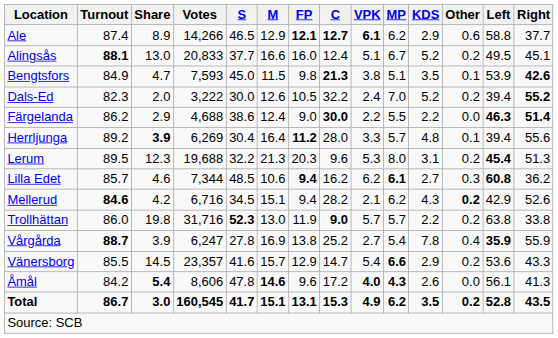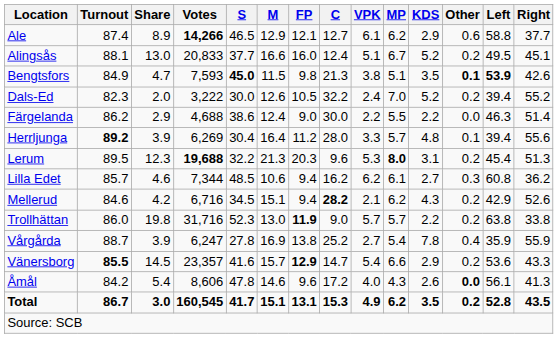 <table class="wikitable sortable" style=text-align:right>
 <tr>
 <th>Location</th>
 <th>Turnout</th>
 <th>Share</th>
 <th>Votes</th>
 <th><a href='#'>S</a></th>
 <th><a href='#'>M</a></th>
 <th><a href='#'>FP</a></th>
 <th><a href='#'>C</a></th>
 <th><a href='#'>VPK</a></th>
 <th><a href='#'>MP</a></th>
 <th><a href='#'>KDS</a></th>
 <th>Other</th>
 <th>Left</th>
 <th>Right</th>
 </tr>
 <tr>
 <td align=left><a href='#'>Ale</a></td>
 <td>87.4</td>
 <td>8.9</td>
-<td>14,266</td>
+<td><strong>14,266</strong></td>
 <td>46.5</td>
 <td>12.9</td>
-<td><strong>12.1</strong></td>
-<td><strong>12.7</strong></td>
-<td><strong>6.1</strong></td>
+<td>12.1</td>
+<td>12.7</td>
+<td>6.1</td>
 <td>6.2</td>
 <td>2.9</td>
 <td>0.6</td>
 <td>58.8</td>
 <td>37.7</td>
 </tr>
 <tr>
 <td align=left><a href='#'>Alingsås</a></td>
-<td><strong>88.1</strong></td>
+<td>88.1</td>
 <td>13.0</td>
 <td>20,833</td>
 <td>37.7</td>
 <td>16.6</td>
 <td>16.0</td>
 <td>12.4</td>
 <td>5.1</td>
 <td>6.7</td>
 <td>5.2</td>
 <td>0.2</td>
 <td>49.5</td>
 <td>45.1</td>
 </tr>
 <tr>
 <td align=left><a href='#'>Bengtsfors</a></td>
 <td>84.9</td>
 <td>4.7</td>
 <td>7,593</td>
-<td>45.0</td>
+<td><strong>45.0</strong></td>
 <td>11.5</td>
 <td>9.8</td>
-<td><strong>21.3</strong></td>
+<td>21.3</td>
 <td>3.8</td>
 <td>5.1</td>
 <td>3.5</td>
-<td>0.1</td>
-<td>53.9</td>
-<td><strong>42.6</strong></td>
+<td><strong>0.1</strong></td>
+<td><strong>53.9</strong></td>
+<td>42.6</td>
 </tr>
 <tr>
 <td align=left><a href='#'>Dals-Ed</a></td>
 <td>82.3</td>
 <td>2.0</td>
 <td>3,222</td>
 <td>30.0</td>
 <td>12.6</td>
 <td>10.5</td>
 <td>32.2</td>
 <td>2.4</td>
 <td>7.0</td>
 <td>5.2</td>
 <td>0.2</td>
 <td>39.4</td>
-<td><strong>55.2</strong></td>
+<td>55.2</td>
 </tr>
 <tr>
 <td align=left><a href='#'>Färgelanda</a></td>
 <td>86.2</td>
 <td>2.9</td>
 <td>4,688</td>
 <td>38.6</td>
 <td>12.4</td>
 <td>9.0</td>
-<td><strong>30.0</strong></td>
+<td>30.0</td>
 <td>2.2</td>
 <td>5.5</td>
 <td>2.2</td>
 <td>0.0</td>
-<td><strong>46.3</strong></td>
-<td><strong>51.4</strong></td>
+<td>46.3</td>
+<td>51.4</td>
 </tr>
 <tr>
 <td align=left><a href='#'>Herrljunga</a></td>
-<td>89.2</td>
-<td><strong>3.9</strong></td>
+<td><strong>89.2</strong></td>
+<td>3.9</td>
 <td>6,269</td>
 <td>30.4</td>
 <td>16.4</td>
-<td><strong>11.2</strong></td>
+<td>11.2</td>
 <td>28.0</td>
 <td>3.3</td>
 <td>5.7</td>
 <td>4.8</td>
 <td>0.1</td>
 <td>39.4</td>
 <td>55.6</td>
 </tr>
 <tr>
 <td align=left><a href='#'>Lerum</a></td>
 <td>89.5</td>
 <td>12.3</td>
-<td>19,688</td>
+<td><strong>19,688</strong></td>
 <td>32.2</td>
 <td>21.3</td>
 <td>20.3</td>
 <td>9.6</td>
 <td>5.3</td>
-<td>8.0</td>
+<td><strong>8.0</strong></td>
 <td>3.1</td>
 <td>0.2</td>
-<td><strong>45.4</strong></td>
+<td>45.4</td>
 <td>51.3</td>
 </tr>
 <tr>
 <td align=left><a href='#'>Lilla Edet</a></td>
 <td>85.7</td>
 <td>4.6</td>
 <td>7,344</td>
 <td>48.5</td>
 <td>10.6</td>
-<td><strong>9.4</strong></td>
+<td>9.4</td>
 <td>16.2</td>
 <td>6.2</td>
-<td><strong>6.1</strong></td>
+<td>6.1</td>
 <td>2.7</td>
 <td>0.3</td>
-<td><strong>60.8</strong></td>
+<td>60.8</td>
 <td>36.2</td>
 </tr>
 <tr>
 <td align=left><a href='#'>Mellerud</a></td>
-<td><strong>84.6</strong></td>
+<td>84.6</td>
 <td>4.2</td>
 <td>6,716</td>
 <td>34.5</td>
 <td>15.1</td>
 <td>9.4</td>
-<td>28.2</td>
+<td><strong>28.2</strong></td>
 <td>2.1</td>
 <td>6.2</td>
 <td>4.3</td>
-<td><strong>0.2</strong></td>
+<td>0.2</td>
 <td>42.9</td>
 <td>52.6</td>
 </tr>
 <tr>
 <td align=left><a href='#'>Trollhättan</a></td>
 <td>86.0</td>
 <td>19.8</td>
 <td>31,716</td>
-<td><strong>52.3</strong></td>
+<td>52.3</td>
 <td>13.0</td>
-<td>11.9</td>
-<td><strong>9.0</strong></td>
+<td><strong>11.9</strong></td>
+<td>9.0</td>
 <td>5.7</td>
 <td>5.7</td>
 <td>2.2</td>
 <td>0.2</td>
 <td>63.8</td>
 <td>33.8</td>
 </tr>
 <tr>
 <td align=left><a href='#'>Vårgårda</a></td>
-<td><strong>88.7</strong></td>
+<td>88.7</td>
 <td>3.9</td>
 <td>6,247</td>
 <td>27.8</td>
 <td>16.9</td>
 <td>13.8</td>
 <td>25.2</td>
 <td>2.7</td>
 <td>5.4</td>
 <td>7.8</td>
 <td>0.4</td>
-<td><strong>35.9</strong></td>
+<td>35.9</td>
 <td>55.9</td>
 </tr>
 <tr>
 <td align=left><a href='#'>Vänersborg</a></td>
-<td>85.5</td>
+<td><strong>85.5</strong></td>
 <td>14.5</td>
 <td>23,357</td>
 <td>41.6</td>
 <td>15.7</td>
-<td>12.9</td>
+<td><strong>12.9</strong></td>
 <td>14.7</td>
 <td>5.4</td>
-<td><strong>6.6</strong></td>
+<td>6.6</td>
 <td>2.9</td>
 <td>0.2</td>
 <td>53.6</td>
 <td>43.3</td>
 </tr>
 <tr>
 <td align=left><a href='#'>Åmål</a></td>
 <td>84.2</td>
-<td><strong>5.4</strong></td>
+<td>5.4</td>
 <td>8,606</td>
 <td>47.8</td>
-<td><strong>14.6</strong></td>
+<td>14.6</td>
 <td>9.6</td>
 <td>17.2</td>
-<td><strong>4.0</strong></td>
-<td><strong>4.3</strong></td>
+<td>4.0</td>
+<td>4.3</td>
 <td>2.6</td>
-<td>0.0</td>
+<td><strong>0.0</strong></td>
 <td>56.1</td>
 <td>41.3</td>
 </tr>
 <tr>
 <td align=left><strong>Total</strong></td>
 <td><strong>86.7</strong></td>
 <td><strong>3.0</strong></td>
 <td><strong>160,545</strong></td>
 <td><strong>41.7</strong></td>
 <td><strong>15.1</strong></td>
 <td><strong>13.1</strong></td>
 <td><strong>15.3</strong></td>
 <td><strong>4.9</strong></td>
 <td><strong>6.2</strong></td>
 <td><strong>3.5</strong></td>
 <td><strong>0.2</strong></td>
 <td><strong>52.8</strong></td>
 <td><strong>43.5</strong></td>
 </tr>
 <tr>
 <td align=left colspan=14>Source: SCB </td>
 </tr>
 </table>
